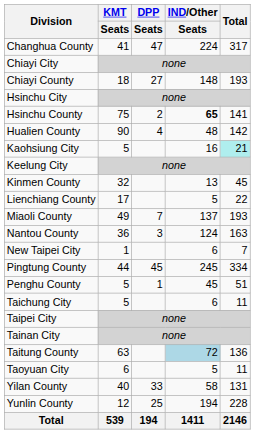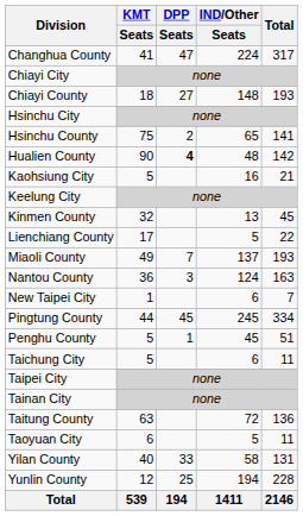 <table class=wikitable style="text-align:right;">
 <tr>
 <th rowspan=2>Division</th>
 <th><a href='#'>KMT</a></th>
 <th><a href='#'>DPP</a></th>
 <th><a href='#'>IND</a>/Other</th>
 <th rowspan="2">Total</th>
 </tr>
 <tr>
 <th>Seats</th>
 <th>Seats</th>
 <th>Seats</th>
 </tr>
 <tr>
 <td align=left>Changhua County</td>
 <td>41</td>
 <td>47</td>
 <td>224</td>
 <td>317</td>
 </tr>
 <tr>
 <td align=left>Chiayi City</td>
 <td colspan=4 align=center bgcolor="lightgrey"><em>none</em></td>
 </tr>
 <tr>
 <td align=left>Chiayi County</td>
 <td>18</td>
 <td>27</td>
 <td>148</td>
 <td>193</td>
 </tr>
 <tr>
 <td align=left>Hsinchu City</td>
 <td colspan=4 align=center bgcolor="lightgrey"><em>none</em></td>
 </tr>
 <tr>
 <td align=left>Hsinchu County</td>
 <td>75</td>
 <td>2</td>
-<td><strong>65</strong></td>
+<td>65</td>
 <td>141</td>
 </tr>
 <tr>
 <td align=left>Hualien County</td>
 <td>90</td>
-<td>4</td>
+<td><strong>4</strong></td>
 <td>48</td>
 <td>142</td>
 </tr>
 <tr>
 <td align=left>Kaohsiung City </td>
 <td>5</td>
 <td></td>
 <td>16</td>
-<td style="background: paleturquoise;">21</td>
+<td>21</td>
 </tr>
 <tr>
 <td align=left>Keelung City</td>
 <td colspan=4 align=center bgcolor="lightgrey"><em>none</em></td>
 </tr>
 <tr>
 <td align=left>Kinmen County</td>
 <td>32</td>
 <td></td>
 <td>13</td>
 <td>45</td>
 </tr>
 <tr>
 <td align=left>Lienchiang County</td>
 <td>17</td>
 <td></td>
 <td>5</td>
 <td>22</td>
 </tr>
 <tr>
 <td align=left>Miaoli County</td>
 <td>49</td>
 <td>7</td>
 <td>137</td>
 <td>193</td>
 </tr>
 <tr>
 <td align=left>Nantou County</td>
 <td>36</td>
 <td>3</td>
 <td>124</td>
 <td>163</td>
 </tr>
 <tr>
 <td align=left>New Taipei City </td>
 <td>1</td>
 <td></td>
 <td>6</td>
 <td>7</td>
 </tr>
 <tr>
 <td align=left>Pingtung County</td>
 <td>44</td>
 <td>45</td>
 <td>245</td>
 <td>334</td>
 </tr>
 <tr>
 <td align=left>Penghu County</td>
 <td>5</td>
 <td>1</td>
 <td>45</td>
 <td>51</td>
 </tr>
 <tr>
 <td align=left>Taichung City </td>
 <td>5</td>
 <td></td>
 <td>6</td>
 <td>11</td>
 </tr>
 <tr>
 <td align=left>Taipei City</td>
 <td colspan=4 align=center bgcolor="lightgrey"><em>none</em></td>
 </tr>
 <tr>
 <td align=left>Tainan City</td>
 <td colspan=4 align=center bgcolor="lightgrey"><em>none</em></td>
 </tr>
 <tr>
 <td align=left>Taitung County</td>
 <td>63</td>
 <td></td>
-<td style="background: lightblue;">72</td>
+<td>72</td>
 <td>136</td>
 </tr>
 <tr>
 <td align=left>Taoyuan City </td>
 <td>6</td>
 <td></td>
 <td>5</td>
 <td>11</td>
 </tr>
 <tr>
 <td align=left>Yilan County</td>
 <td>40</td>
 <td>33</td>
 <td>58</td>
 <td>131</td>
 </tr>
 <tr>
 <td align=left>Yunlin County</td>
 <td>12</td>
 <td>25</td>
 <td>194</td>
 <td>228</td>
 </tr>
 <tr>
 <th>Total</th>
 <th>539</th>
 <th>194</th>
 <th>1411</th>
 <th>2146</th>
 </tr>
 </table>
